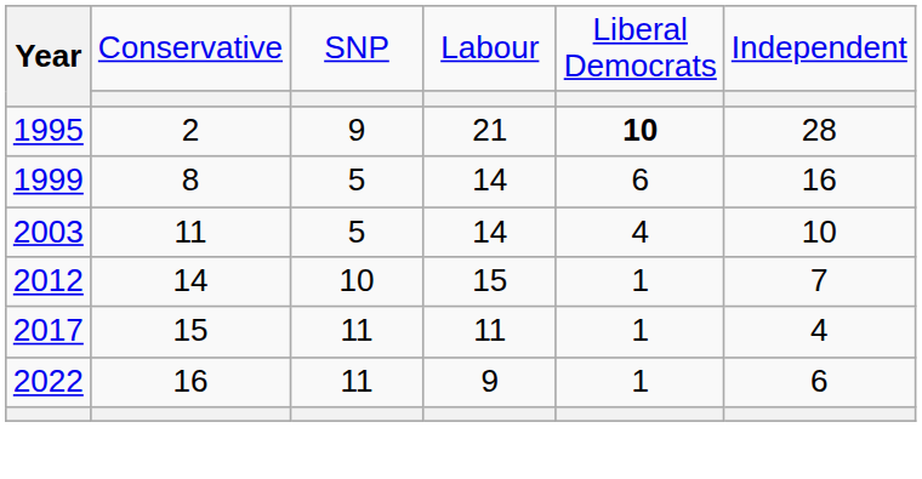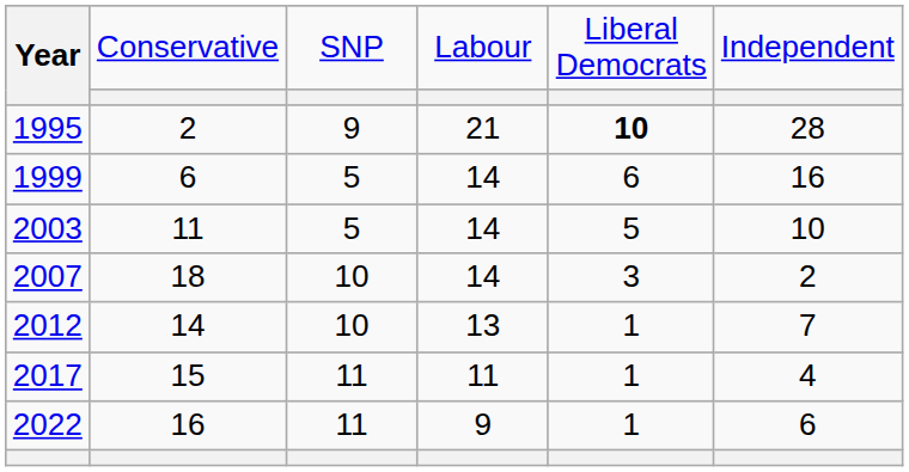 <table class=wikitable style=text-align:center>
 <tr>
 <th rowspan=2>Year</th>
 <td width="60"><a href='#'>Conservative</a></td>
 <td width="60"><a href='#'>SNP</a></td>
 <td width="60"><a href='#'>Labour</a></td>
 <td width="60"><a href='#'>Liberal Democrats</a></td>
 <td width="60"><a href='#'>Independent</a></td>
 </tr>
 <tr>
 <th style="background-color: "></th>
 <th style="background-color: "></th>
 <th style="background-color: "></th>
 <th style="background-color: "></th>
 <th style="background-color: "></th>
 </tr>
 <tr>
 <td><a href='#'>1995</a></td>
 <td>2</td>
 <td>9</td>
 <td>21</td>
 <td><strong>10</strong></td>
 <td>28</td>
 </tr>
 <tr>
 <td><a href='#'>1999</a></td>
-<td>8</td>
+<td>6</td>
 <td>5</td>
 <td>14</td>
 <td>6</td>
 <td>16</td>
 </tr>
 <tr>
 <td><a href='#'>2003</a></td>
 <td>11</td>
 <td>5</td>
 <td>14</td>
-<td>4</td>
+<td>5</td>
 <td>10</td>
+</tr>
+<tr>
+<td><a href='#'>2007</a></td>
+<td>18</td>
+<td>10</td>
+<td>14</td>
+<td>3</td>
+<td>2</td>
 </tr>
 <tr>
 <td><a href='#'>2012</a></td>
 <td>14</td>
 <td>10</td>
-<td>15</td>
+<td>13</td>
 <td>1</td>
 <td>7</td>
 </tr>
 <tr>
 <td><a href='#'>2017</a></td>
 <td>15</td>
 <td>11</td>
 <td>11</td>
 <td>1</td>
 <td>4</td>
 </tr>
 <tr>
 <td><a href='#'>2022</a></td>
 <td>16</td>
 <td>11</td>
 <td>9</td>
 <td>1</td>
 <td>6</td>
 </tr>
 <tr>
 <th></th>
 <th style="background-color: "></th>
 <th style="background-color: "></th>
 <th style="background-color: "></th>
 <th style="background-color: "></th>
 <th style="background-color: "></th>
 </tr>
 </table>
